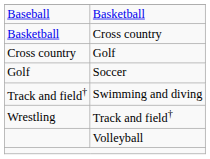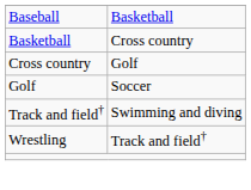 <table class="wikitable" style= " ">
 <tr>
 </tr>
 <tr>
 <td><a href='#'>Baseball</a></td>
 <td><a href='#'>Basketball</a></td>
 </tr>
 <tr>
 <td><a href='#'>Basketball</a></td>
 <td>Cross country</td>
 </tr>
 <tr>
 <td>Cross country</td>
 <td>Golf</td>
 </tr>
 <tr>
 <td>Golf</td>
 <td>Soccer</td>
 </tr>
 <tr>
 <td>Track and field<sup>†</sup></td>
 <td>Swimming and diving</td>
 </tr>
 <tr>
 <td>Wrestling</td>
 <td>Track and field<sup>†</sup></td>
 </tr>
 <tr>
-<td></td>
-<td>Volleyball</td>
-</tr>
-<tr>
 <td colspan="2"></td>
 </tr>
 </table>
